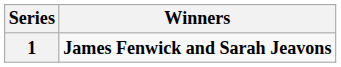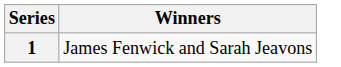 <table class="wikitable">
 <tr>
 <th>Series</th>
 <th>Winners</th>
 </tr>
 <tr>
 <th>1</th>
-<td><strong>James Fenwick and Sarah Jeavons</strong></td>
+<td>James Fenwick and Sarah Jeavons</td>
 </tr>
 </table>
